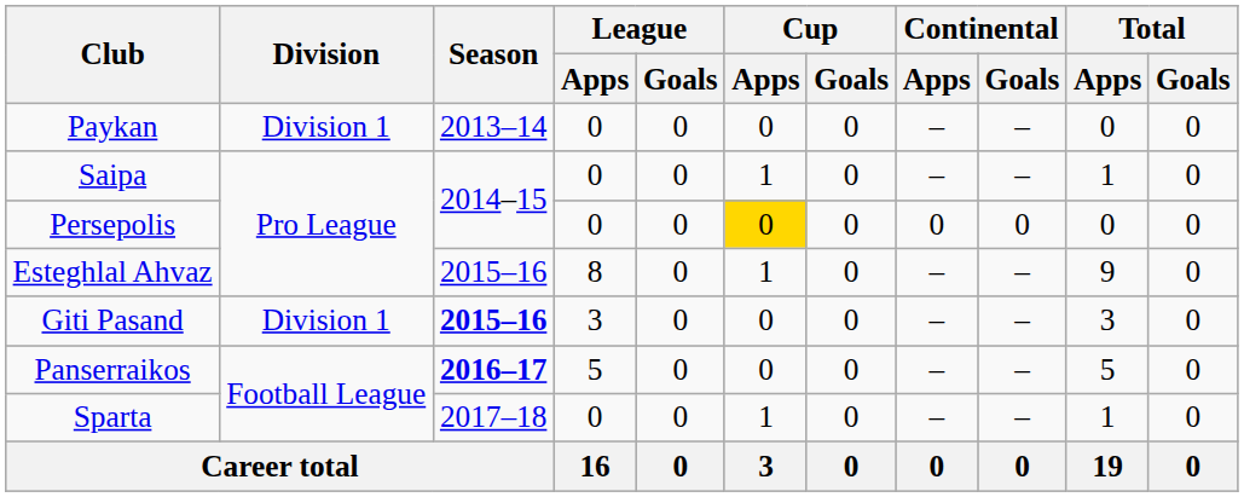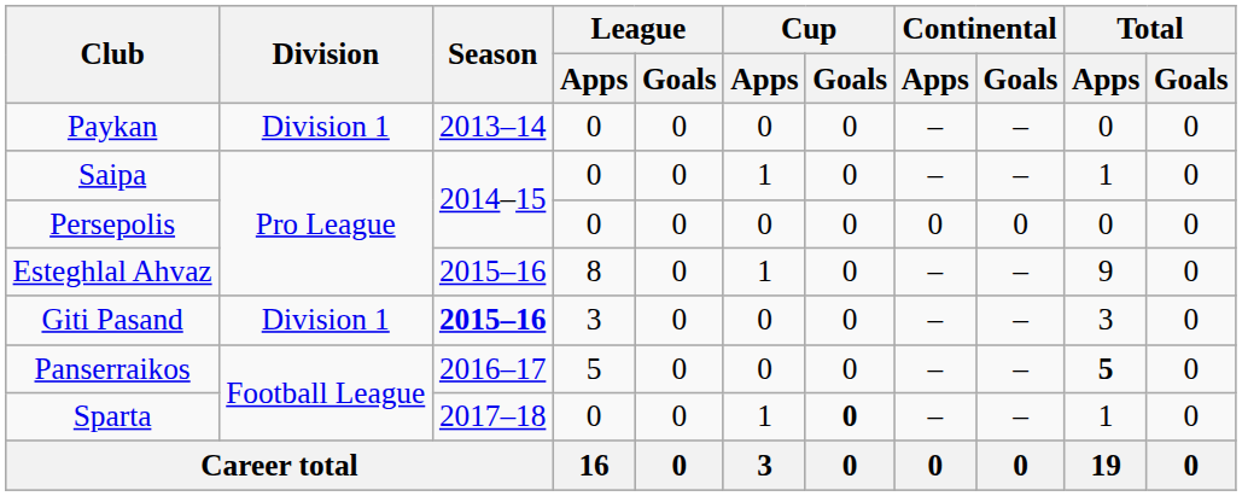 <table class="wikitable" style="text-align: center;">
 <tr>
 <th rowspan="2">Club</th>
 <th rowspan="2">Division</th>
 <th rowspan="2">Season</th>
 <th colspan="2">League</th>
 <th colspan="2">Cup</th>
 <th colspan="2">Continental</th>
 <th colspan="2">Total</th>
 </tr>
 <tr>
 <th>Apps</th>
 <th>Goals</th>
 <th>Apps</th>
 <th>Goals</th>
 <th>Apps</th>
 <th>Goals</th>
 <th>Apps</th>
 <th>Goals</th>
 </tr>
 <tr>
 <td><a href='#'>Paykan</a></td>
 <td><a href='#'>Division 1</a></td>
 <td><a href='#'>2013–14</a></td>
 <td>0</td>
 <td>0</td>
 <td>0</td>
 <td>0</td>
 <td>–</td>
 <td>–</td>
 <td>0</td>
 <td>0</td>
 </tr>
 <tr>
 <td><a href='#'>Saipa</a></td>
 <td rowspan="3"><a href='#'>Pro League</a></td>
 <td rowspan="2"><a href='#'>2014</a>–<a href='#'>15</a></td>
 <td>0</td>
 <td>0</td>
 <td>1</td>
 <td>0</td>
 <td>–</td>
 <td>–</td>
 <td>1</td>
 <td>0</td>
 </tr>
 <tr>
 <td><a href='#'>Persepolis</a></td>
 <td>0</td>
 <td>0</td>
-<td style="background: gold;">0</td>
+<td>0</td>
 <td>0</td>
 <td>0</td>
 <td>0</td>
 <td>0</td>
 <td>0</td>
 </tr>
 <tr>
 <td><a href='#'>Esteghlal Ahvaz</a></td>
 <td><a href='#'>2015–16</a></td>
 <td>8</td>
 <td>0</td>
 <td>1</td>
 <td>0</td>
 <td>–</td>
 <td>–</td>
 <td>9</td>
 <td>0</td>
 </tr>
 <tr>
 <td><a href='#'>Giti Pasand</a></td>
 <td><a href='#'>Division 1</a></td>
 <td><strong><a href='#'>2015–16</a></strong></td>
 <td>3</td>
 <td>0</td>
 <td>0</td>
 <td>0</td>
 <td>–</td>
 <td>–</td>
 <td>3</td>
 <td>0</td>
 </tr>
 <tr>
 <td><a href='#'>Panserraikos</a></td>
 <td rowspan="2"><a href='#'>Football League</a></td>
-<td><strong><a href='#'>2016–17</a></strong></td>
+<td><a href='#'>2016–17</a></td>
 <td>5</td>
 <td>0</td>
 <td>0</td>
 <td>0</td>
 <td>–</td>
 <td>–</td>
-<td>5</td>
+<td><strong>5</strong></td>
 <td>0</td>
 </tr>
 <tr>
 <td><a href='#'>Sparta</a></td>
 <td><a href='#'>2017–18</a></td>
 <td>0</td>
 <td>0</td>
 <td>1</td>
-<td>0</td>
+<td><strong>0</strong></td>
 <td>–</td>
 <td>–</td>
 <td>1</td>
 <td>0</td>
 </tr>
 <tr>
 <th colspan=3>Career total</th>
 <th>16</th>
 <th>0</th>
 <th>3</th>
 <th>0</th>
 <th>0</th>
 <th>0</th>
 <th>19</th>
 <th>0</th>
 </tr>
 </table>
